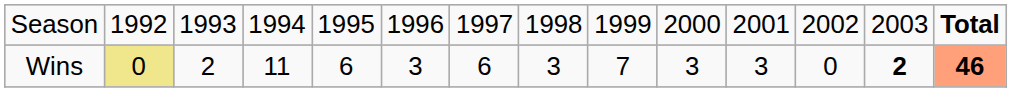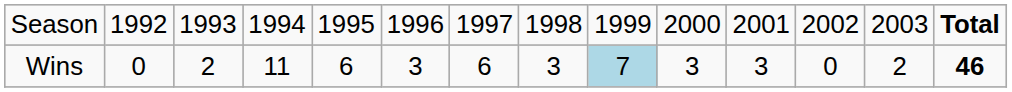 <table class="wikitable sortable">
 <tr>
 <td>Season</td>
 <td>1992</td>
 <td>1993</td>
 <td>1994</td>
 <td>1995</td>
 <td>1996</td>
 <td>1997</td>
 <td>1998</td>
 <td>1999</td>
 <td>2000</td>
 <td>2001</td>
 <td>2002</td>
 <td>2003</td>
 <td><strong>Total</strong></td>
 </tr>
 <tr align=center>
 <td>Wins</td>
-<td style="background: khaki;">0</td>
+<td>0</td>
 <td>2</td>
 <td>11</td>
 <td>6</td>
 <td>3</td>
 <td>6</td>
 <td>3</td>
-<td>7</td>
+<td style="background: lightblue;">7</td>
 <td>3</td>
 <td>3</td>
 <td>0</td>
-<td><strong>2</strong></td>
-<td style="background: lightsalmon;"><strong>46</strong></td>
+<td>2</td>
+<td><strong>46</strong></td>
 </tr>
 </table>
